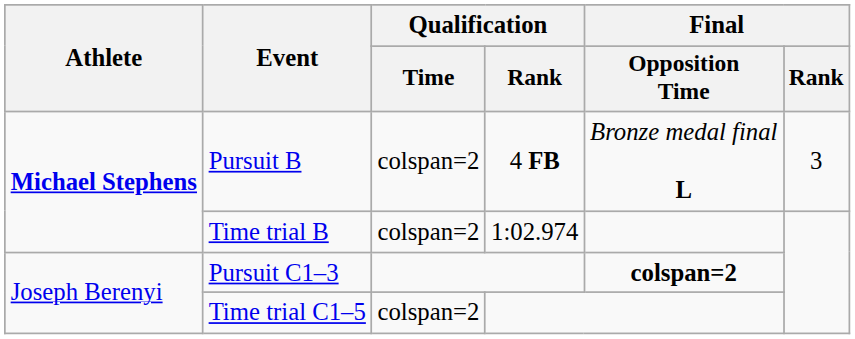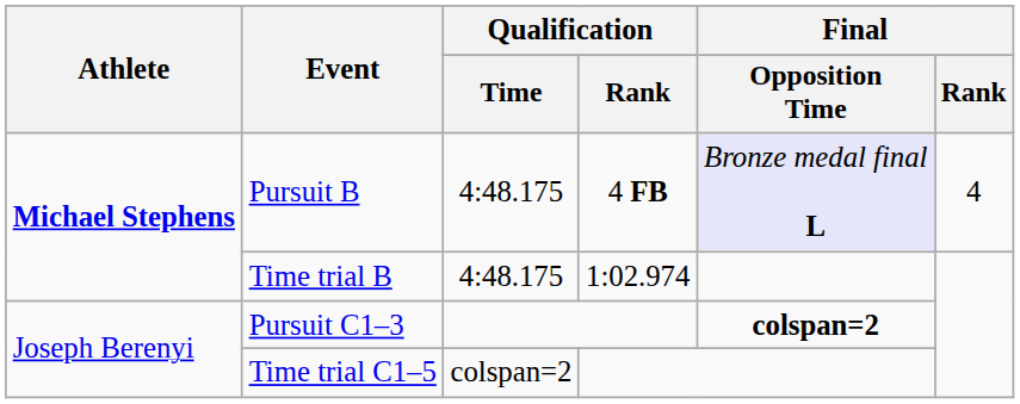 <table class=wikitable style="font-size:90%">
 <tr>
 <th rowspan="2">Athlete</th>
 <th rowspan="2">Event</th>
 <th colspan="2">Qualification</th>
 <th colspan="2">Final</th>
 </tr>
 <tr style="font-size:95%">
 <th>Time</th>
 <th>Rank</th>
 <th>Opposition<br>Time</th>
 <th>Rank</th>
 </tr>
 <tr align=center>
 <td align=left rowspan=2><strong><a href='#'>Michael Stephens</a></strong></td>
 <td align=left><a href='#'>Pursuit B</a></td>
-<td>colspan=2 </td>
+<td>4:48.175</td>
 <td>4 <strong>FB</strong></td>
-<td><em>Bronze medal final</em><br><br><strong>L</strong> </td>
-<td>3</td>
+<td style="background: lavender;"><em>Bronze medal final</em><br><br><strong>L</strong> </td>
+<td>4</td>
 </tr>
 <tr align=center>
 <td align=left><a href='#'>Time trial B</a></td>
-<td>colspan=2 </td>
+<td>4:48.175</td>
 <td>1:02.974</td>
 <td></td>
 </tr>
 <tr align=center>
 <td align=left rowspan=2><a href='#'>Joseph Berenyi</a></td>
 <td align=left><a href='#'>Pursuit C1–3</a></td>
 <td colspan=2></td>
 <td><strong>colspan=2 </strong></td>
 </tr>
 <tr align=center>
 <td align=left><a href='#'>Time trial C1–5</a></td>
 <td>colspan=2 </td>
 <td colspan=2></td>
 </tr>
 </table>
